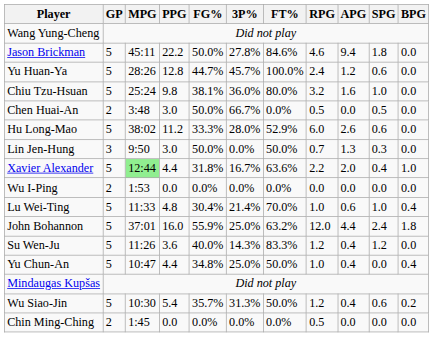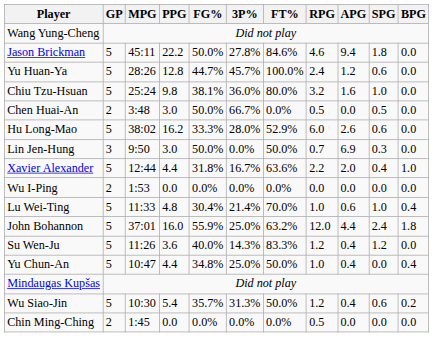 <table class="wikitable">
 <tr>
 <th>Player</th>
 <th>GP</th>
 <th>MPG</th>
 <th>PPG</th>
 <th>FG%</th>
 <th>3P%</th>
 <th>FT%</th>
 <th>RPG</th>
 <th>APG</th>
 <th>SPG</th>
 <th>BPG</th>
 </tr>
 <tr>
 <td>Wang Yung-Cheng</td>
 <td colspan=10 align=center><em>Did not play</em></td>
 </tr>
 <tr>
 <td><a href='#'>Jason Brickman</a></td>
 <td>5</td>
 <td>45:11</td>
 <td>22.2</td>
 <td>50.0%</td>
 <td>27.8%</td>
 <td>84.6%</td>
 <td>4.6</td>
 <td>9.4</td>
 <td>1.8</td>
 <td>0.0</td>
 </tr>
 <tr>
 <td>Yu Huan-Ya</td>
 <td>5</td>
 <td>28:26</td>
 <td>12.8</td>
 <td>44.7%</td>
 <td>45.7%</td>
 <td>100.0%</td>
 <td>2.4</td>
 <td>1.2</td>
 <td>0.6</td>
 <td>0.0</td>
 </tr>
 <tr>
 <td>Chiu Tzu-Hsuan</td>
 <td>5</td>
 <td>25:24</td>
 <td>9.8</td>
 <td>38.1%</td>
 <td>36.0%</td>
 <td>80.0%</td>
 <td>3.2</td>
 <td>1.6</td>
 <td>1.0</td>
 <td>0.0</td>
 </tr>
 <tr>
 <td>Chen Huai-An</td>
 <td>2</td>
 <td>3:48</td>
 <td>3.0</td>
 <td>50.0%</td>
 <td>66.7%</td>
 <td>0.0%</td>
 <td>0.5</td>
 <td>0.0</td>
 <td>0.5</td>
 <td>0.0</td>
 </tr>
 <tr>
 <td>Hu Long-Mao</td>
 <td>5</td>
 <td>38:02</td>
-<td>11.2</td>
+<td>16.2</td>
 <td>33.3%</td>
 <td>28.0%</td>
 <td>52.9%</td>
 <td>6.0</td>
 <td>2.6</td>
 <td>0.6</td>
 <td>0.0</td>
 </tr>
 <tr>
 <td>Lin Jen-Hung</td>
 <td>3</td>
 <td>9:50</td>
 <td>3.0</td>
 <td>50.0%</td>
 <td>0.0%</td>
 <td>50.0%</td>
 <td>0.7</td>
-<td>1.3</td>
+<td>6.9</td>
 <td>0.3</td>
 <td>0.0</td>
 </tr>
 <tr>
 <td><a href='#'>Xavier Alexander</a></td>
 <td>5</td>
-<td style="background: lightgreen;">12:44</td>
+<td>12:44</td>
 <td>4.4</td>
 <td>31.8%</td>
 <td>16.7%</td>
 <td>63.6%</td>
 <td>2.2</td>
 <td>2.0</td>
 <td>0.4</td>
 <td>1.0</td>
 </tr>
 <tr>
 <td>Wu I-Ping</td>
 <td>2</td>
 <td>1:53</td>
 <td>0.0</td>
 <td>0.0%</td>
 <td>0.0%</td>
 <td>0.0%</td>
 <td>0.0</td>
 <td>0.0</td>
 <td>0.0</td>
 <td>0.0</td>
 </tr>
 <tr>
 <td>Lu Wei-Ting</td>
 <td>5</td>
 <td>11:33</td>
 <td>4.8</td>
 <td>30.4%</td>
 <td>21.4%</td>
 <td>70.0%</td>
 <td>1.0</td>
 <td>0.6</td>
 <td>1.0</td>
 <td>0.4</td>
 </tr>
 <tr>
 <td>John Bohannon</td>
 <td>5</td>
 <td>37:01</td>
 <td>16.0</td>
 <td>55.9%</td>
 <td>25.0%</td>
 <td>63.2%</td>
 <td>12.0</td>
 <td>4.4</td>
 <td>2.4</td>
 <td>1.8</td>
 </tr>
 <tr>
 <td>Su Wen-Ju</td>
 <td>5</td>
 <td>11:26</td>
 <td>3.6</td>
 <td>40.0%</td>
 <td>14.3%</td>
 <td>83.3%</td>
 <td>1.2</td>
 <td>0.4</td>
 <td>1.2</td>
 <td>0.0</td>
 </tr>
 <tr>
 <td>Yu Chun-An</td>
 <td>5</td>
 <td>10:47</td>
 <td>4.4</td>
 <td>34.8%</td>
 <td>25.0%</td>
 <td>50.0%</td>
 <td>1.0</td>
 <td>0.4</td>
 <td>0.0</td>
 <td>0.4</td>
 </tr>
 <tr>
 <td><a href='#'>Mindaugas Kupšas</a></td>
 <td colspan=10 align=center><em>Did not play</em></td>
 </tr>
 <tr>
 <td>Wu Siao-Jin</td>
 <td>5</td>
 <td>10:30</td>
 <td>5.4</td>
 <td>35.7%</td>
 <td>31.3%</td>
 <td>50.0%</td>
 <td>1.2</td>
 <td>0.4</td>
 <td>0.6</td>
 <td>0.2</td>
 </tr>
 <tr>
 <td>Chin Ming-Ching</td>
 <td>2</td>
 <td>1:45</td>
 <td>0.0</td>
 <td>0.0%</td>
 <td>0.0%</td>
 <td>0.0%</td>
 <td>0.5</td>
 <td>0.0</td>
 <td>0.0</td>
 <td>0.0</td>
 </tr>
 </table>
